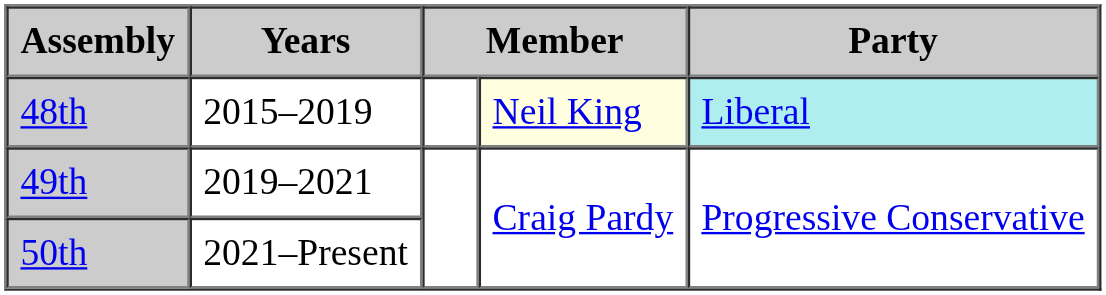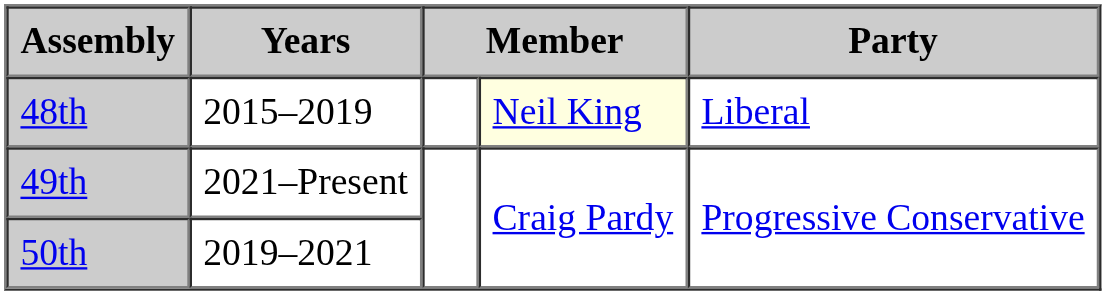 <table border=1 cellpadding=5 cellspacing=0>
 <tr bgcolor="CCCCCC">
 <th>Assembly</th>
 <th>Years</th>
 <th colspan="2">Member</th>
 <th>Party</th>
 </tr>
 <tr>
 <td bgcolor="CCCCCC"><a href='#'>48th</a></td>
 <td>2015–2019</td>
 <td>   </td>
 <td style="background: lightyellow;"><a href='#'>Neil King</a></td>
-<td style="background: paleturquoise;"><a href='#'>Liberal</a></td>
+<td><a href='#'>Liberal</a></td>
 </tr>
 <tr>
 <td bgcolor="CCCCCC"><a href='#'>49th</a></td>
-<td>2019–2021</td>
+<td>2021–Present</td>
 <td rowspan="2" >   </td>
 <td rowspan="2"><a href='#'>Craig Pardy</a></td>
 <td rowspan="2"><a href='#'>Progressive Conservative</a></td>
 </tr>
 <tr>
 <td bgcolor="CCCCCC"><a href='#'>50th</a></td>
-<td>2021–Present</td>
+<td>2019–2021</td>
 </tr>
 </table>
